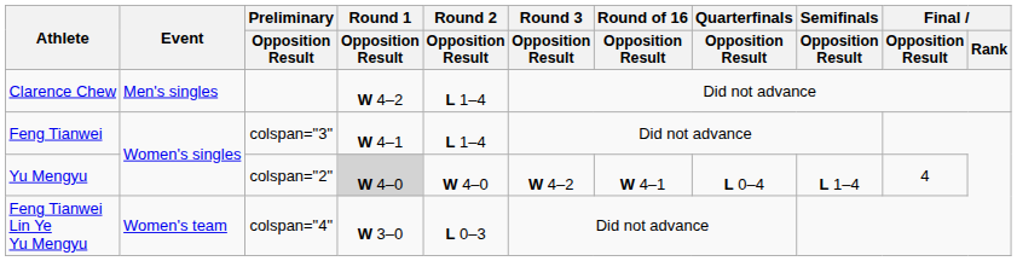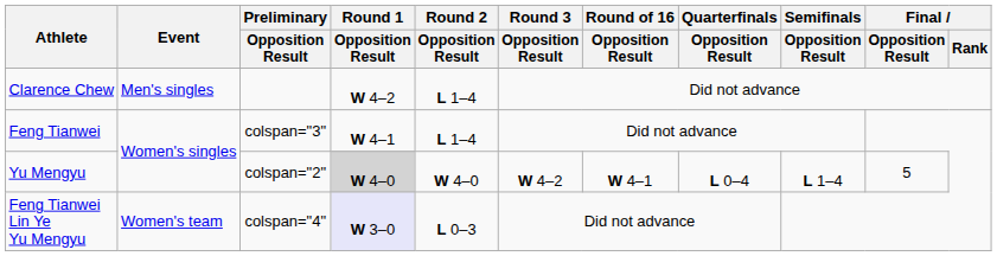 <table class="wikitable" style="font-size:90%;">
 <tr>
 <th rowspan="2">Athlete</th>
 <th rowspan="2">Event</th>
 <th>Preliminary</th>
 <th>Round 1</th>
 <th>Round 2</th>
 <th>Round 3</th>
 <th>Round of 16</th>
 <th>Quarterfinals</th>
 <th>Semifinals</th>
 <th colspan="2">Final / </th>
 </tr>
 <tr style="font-size:95%">
 <th>Opposition<br>Result</th>
 <th>Opposition<br>Result</th>
 <th>Opposition<br>Result</th>
 <th>Opposition<br>Result</th>
 <th>Opposition<br>Result</th>
 <th>Opposition<br>Result</th>
 <th>Opposition<br>Result</th>
 <th>Opposition<br>Result</th>
 <th>Rank</th>
 </tr>
 <tr style="text-align:center">
 <td style="text-align:left"><a href='#'>Clarence Chew</a></td>
 <td style="text-align:left"><a href='#'>Men's singles</a></td>
 <td></td>
 <td><br><strong>W</strong> 4–2</td>
 <td><br><strong>L</strong> 1–4</td>
 <td colspan=6>Did not advance</td>
 </tr>
 <tr style="text-align:center">
 <td style="text-align:left"><a href='#'>Feng Tianwei</a></td>
 <td rowspan="2" style="text-align:left"><a href='#'>Women's singles</a></td>
 <td>colspan="3" </td>
 <td><br><strong>W</strong> 4–1</td>
 <td><br><strong>L</strong> 1–4</td>
 <td colspan="4">Did not advance</td>
 </tr>
 <tr style="text-align:center">
 <td style="text-align:left"><a href='#'>Yu Mengyu</a></td>
 <td>colspan="2" </td>
 <td style="background: lightgrey;"><br><strong>W</strong> 4–0</td>
 <td><br><strong>W</strong> 4–0</td>
 <td><br><strong>W</strong> 4–2</td>
 <td><br><strong>W</strong> 4–1</td>
 <td><br><strong>L</strong> 0–4</td>
 <td><br><strong>L</strong> 1–4</td>
-<td>4</td>
+<td>5</td>
 </tr>
 <tr style="text-align:center">
 <td style="text-align:left"><a href='#'>Feng Tianwei</a><br><a href='#'>Lin Ye</a><br><a href='#'>Yu Mengyu</a></td>
 <td style="text-align:left"><a href='#'>Women's team</a></td>
 <td>colspan="4" </td>
-<td><br><strong>W</strong> 3–0</td>
+<td style="background: lavender;"><br><strong>W</strong> 3–0</td>
 <td><br><strong>L</strong> 0–3</td>
 <td colspan="3">Did not advance</td>
 </tr>
 </table>
